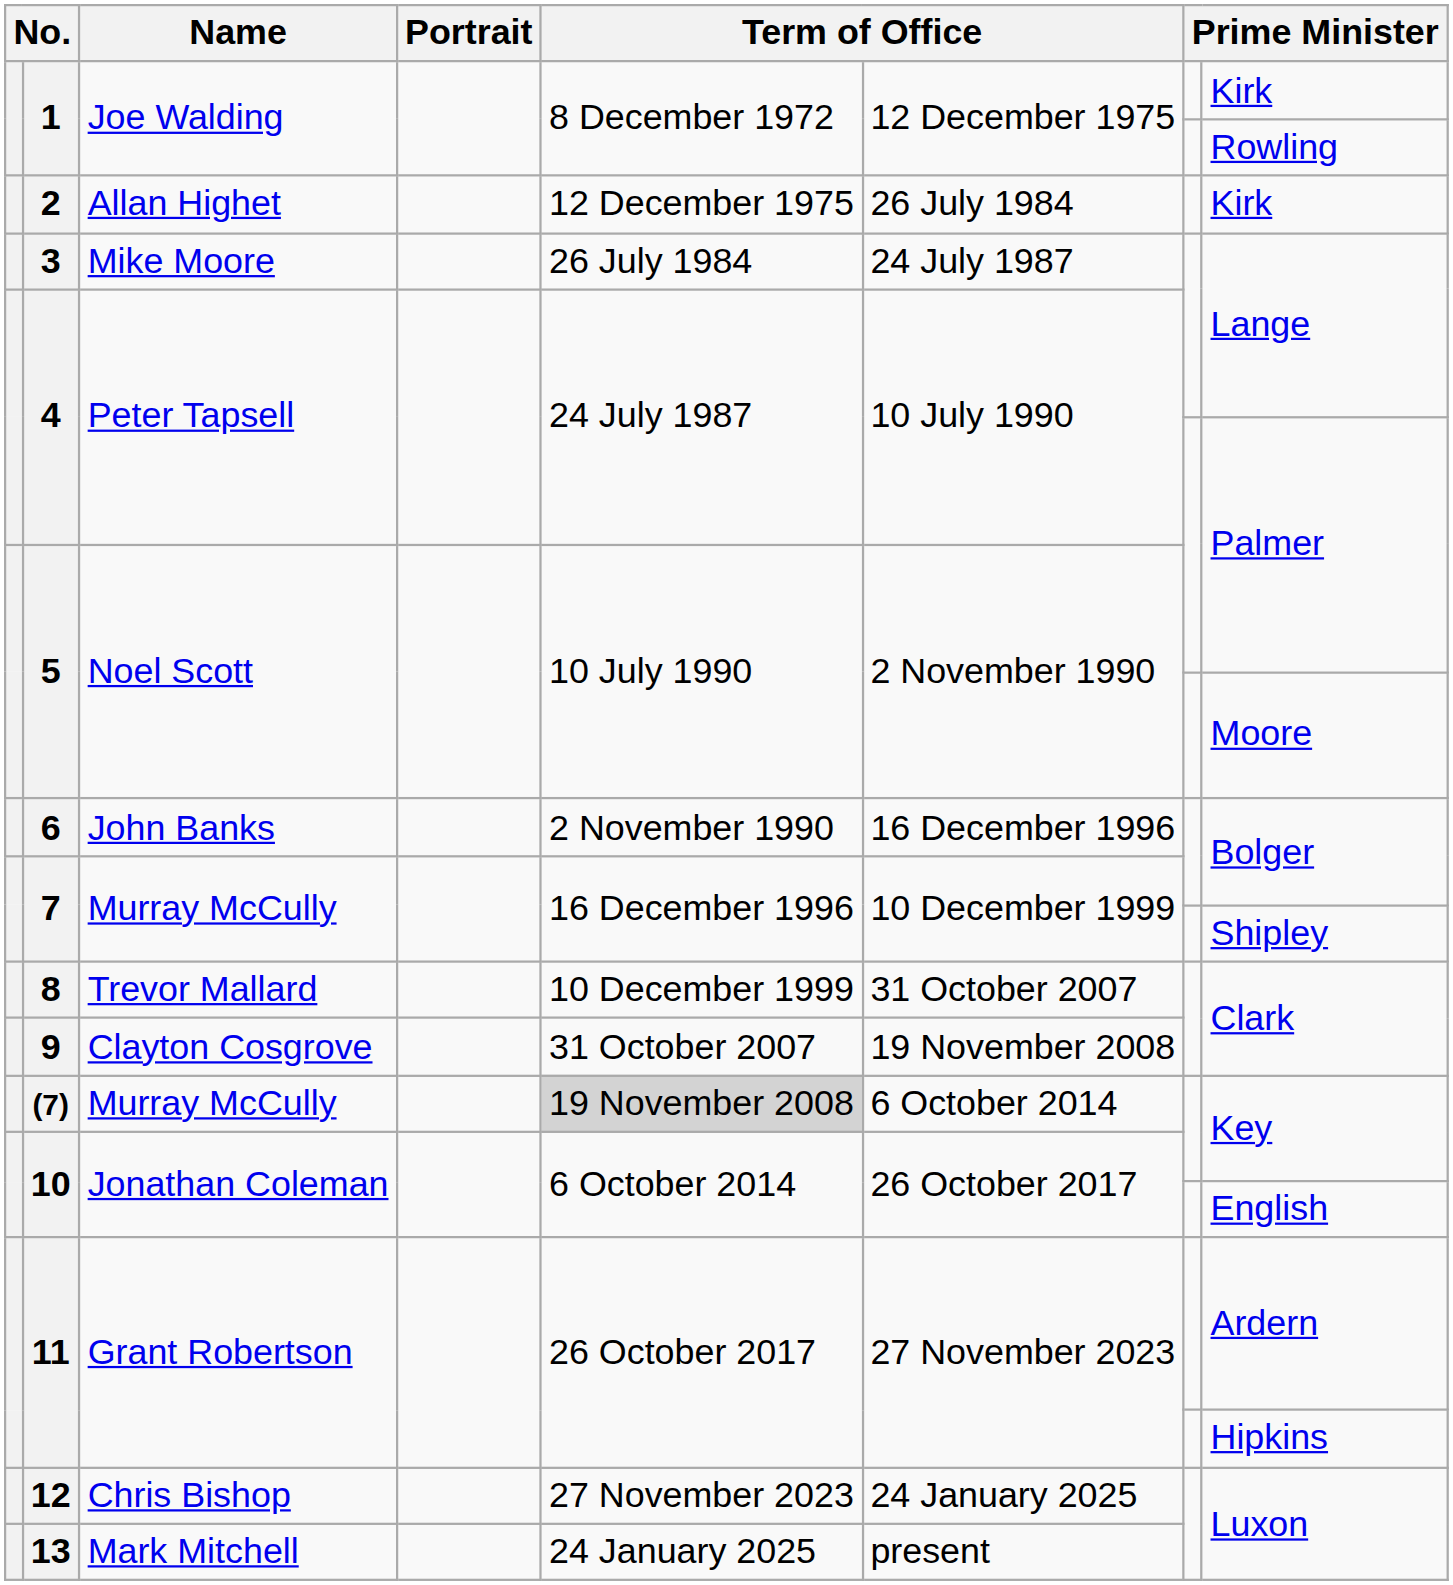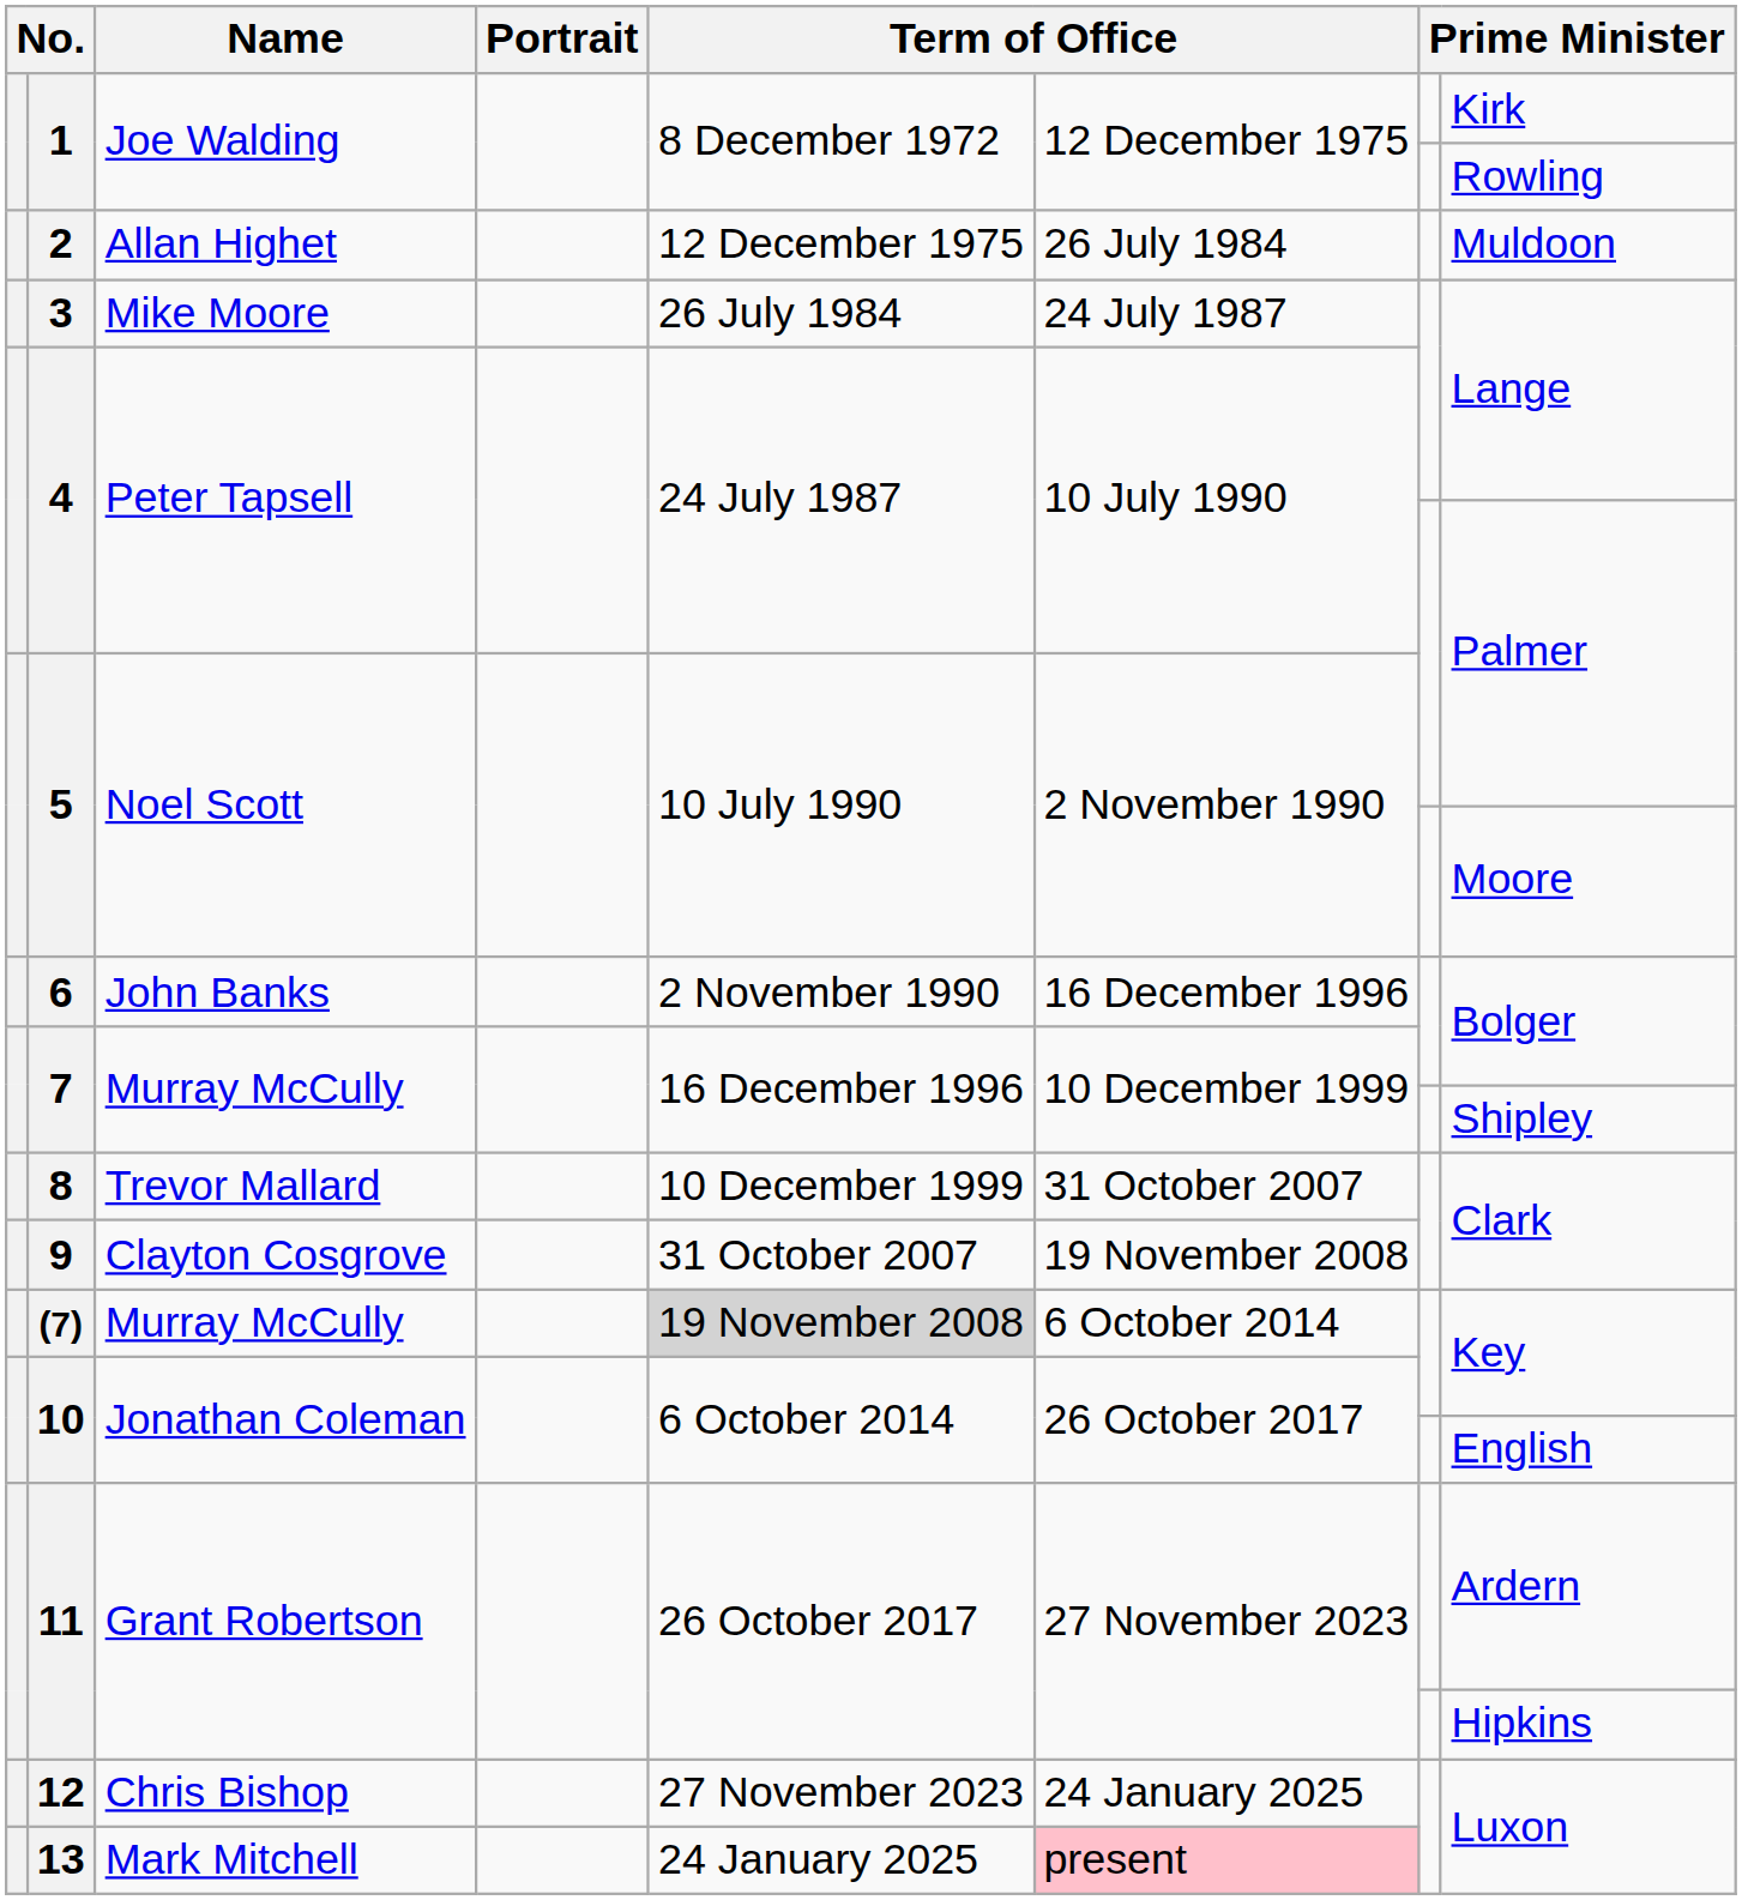 <table class="wikitable">
 <tr>
 <th colspan="2">No.</th>
 <th>Name</th>
 <th>Portrait</th>
 <th colspan="2">Term of Office</th>
 <th colspan="2">Prime Minister</th>
 </tr>
 <tr>
 <th rowspan=2 style="color:inherit;background:"></th>
 <th rowspan=2>1</th>
 <td rowspan=2><a href='#'>Joe Walding</a></td>
 <td rowspan=2></td>
 <td rowspan=2>8 December 1972</td>
 <td rowspan=2>12 December 1975</td>
 <td width=1 style="color:inherit;background:"></td>
 <td><a href='#'>Kirk</a></td>
 </tr>
 <tr>
 <td style="color:inherit;background:"></td>
 <td><a href='#'>Rowling</a></td>
 </tr>
 <tr>
 <th style="color:inherit;background:"></th>
 <th>2</th>
 <td><a href='#'>Allan Highet</a></td>
 <td></td>
 <td>12 December 1975</td>
 <td>26 July 1984</td>
 <td style="color:inherit;background:"></td>
-<td><a href='#'>Kirk</a></td>
+<td><a href='#'>Muldoon</a></td>
 </tr>
 <tr>
 <th style="color:inherit;background:"></th>
 <th>3</th>
 <td><a href='#'>Mike Moore</a></td>
 <td></td>
 <td>26 July 1984</td>
 <td>24 July 1987</td>
 <td rowspan=2 style="color:inherit;background:"></td>
 <td rowspan=2><a href='#'>Lange</a></td>
 </tr>
 <tr>
 <th height=50 style="border-bottom:solid 0 grey; background:"></th>
 <th rowspan=2>4</th>
 <td rowspan=2><a href='#'>Peter Tapsell</a></td>
 <td rowspan=2></td>
 <td rowspan=2>24 July 1987</td>
 <td rowspan=2>10 July 1990</td>
 </tr>
 <tr>
 <th height=50 style="border-top:solid 0 grey; background:"></th>
 <td rowspan=2 style="color:inherit;background:"></td>
 <td rowspan=2><a href='#'>Palmer</a></td>
 </tr>
 <tr>
 <th height=50 style="border-bottom:solid 0 grey; background:"></th>
 <th rowspan=2>5</th>
 <td rowspan=2><a href='#'>Noel Scott</a></td>
 <td rowspan=2></td>
 <td rowspan=2>10 July 1990</td>
 <td rowspan=2>2 November 1990</td>
 </tr>
 <tr>
 <th height=50 style="border-top:solid 0 grey; background:"></th>
 <td style="color:inherit;background:"></td>
 <td><a href='#'>Moore</a></td>
 </tr>
 <tr>
 <th style="color:inherit;background:"></th>
 <th>6</th>
 <td><a href='#'>John Banks</a></td>
 <td></td>
 <td>2 November 1990</td>
 <td>16 December 1996</td>
 <td rowspan=2 style="color:inherit;background:"></td>
 <td rowspan=2><a href='#'>Bolger</a></td>
 </tr>
 <tr>
 <th height=15 style="border-bottom:solid 0 grey; background:"></th>
 <th rowspan=2>7</th>
 <td rowspan=2><a href='#'>Murray McCully</a></td>
 <td rowspan=2></td>
 <td rowspan=2>16 December 1996</td>
 <td rowspan=2>10 December 1999</td>
 </tr>
 <tr>
 <th height=15 style="border-top:solid 0 grey; background:"></th>
 <td style="color:inherit;background:"></td>
 <td><a href='#'>Shipley</a></td>
 </tr>
 <tr>
 <th style="color:inherit;background:"></th>
 <th>8</th>
 <td><a href='#'>Trevor Mallard</a></td>
 <td></td>
 <td>10 December 1999</td>
 <td>31 October 2007</td>
 <td rowspan=2 style="color:inherit;background:"></td>
 <td rowspan=2><a href='#'>Clark</a></td>
 </tr>
 <tr>
 <th style="color:inherit;background:"></th>
 <th>9</th>
 <td><a href='#'>Clayton Cosgrove</a></td>
 <td></td>
 <td>31 October 2007</td>
 <td>19 November 2008</td>
 </tr>
 <tr>
 <th style="color:inherit;background:"></th>
 <th><small>(7)</small></th>
 <td><a href='#'>Murray McCully</a></td>
 <td></td>
 <td style="background: lightgrey;">19 November 2008</td>
 <td>6 October 2014</td>
 <td rowspan=2 style="color:inherit;background:"></td>
 <td rowspan=2><a href='#'>Key</a></td>
 </tr>
 <tr>
 <th height=15 style="border-bottom:solid 0 grey; background:"></th>
 <th rowspan=2>10</th>
 <td rowspan=2><a href='#'>Jonathan Coleman</a></td>
 <td rowspan=2></td>
 <td rowspan=2>6 October 2014</td>
 <td rowspan=2>26 October 2017</td>
 </tr>
 <tr>
 <th height=15 style="border-top:solid 0 grey; background:"></th>
 <td style="color:inherit;background:"></td>
 <td><a href='#'>English</a></td>
 </tr>
 <tr>
 <th height=70 style="border-bottom:solid 0 grey; background:"></th>
 <th rowspan="2">11</th>
 <td rowspan="2"><a href='#'>Grant Robertson</a></td>
 <td rowspan="2"></td>
 <td rowspan="2">26 October 2017</td>
 <td rowspan="2">27 November 2023</td>
 <td style="color:inherit;background:"></td>
 <td><a href='#'>Ardern</a></td>
 </tr>
 <tr>
 <th height=15 style="border-top:solid 0 grey; background:"></th>
 <td style="color:inherit;background:"></td>
 <td><a href='#'>Hipkins</a></td>
 </tr>
 <tr>
 <th style="color:inherit;background:"></th>
 <th>12</th>
 <td><a href='#'>Chris Bishop</a></td>
 <td></td>
 <td>27 November 2023</td>
 <td>24 January 2025</td>
 <td rowspan=2 style="color:inherit;background:"></td>
 <td rowspan="2"><a href='#'>Luxon</a></td>
 </tr>
 <tr>
 <th style="color:inherit;background:"></th>
 <th>13</th>
 <td><a href='#'>Mark Mitchell</a></td>
 <td></td>
 <td>24 January 2025</td>
-<td>present</td>
+<td style="background: pink;">present</td>
 </tr>
 </table>
